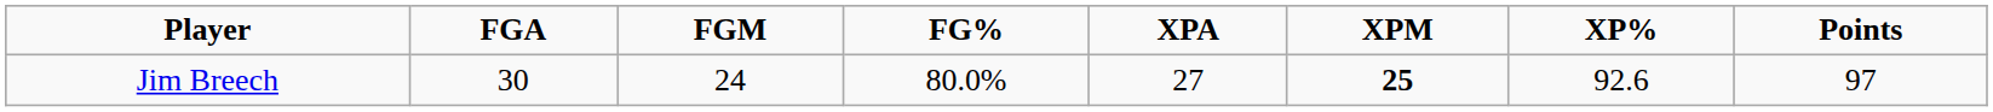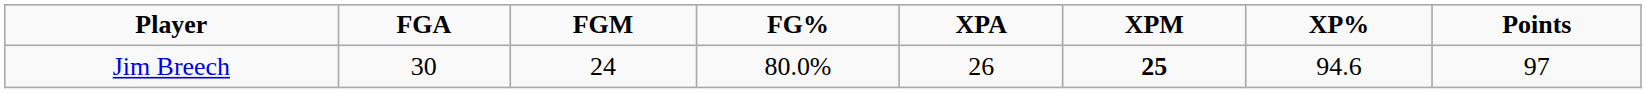 <table class="wikitable" width="80%">
 <tr align="center">
 <td><strong>Player</strong></td>
 <td><strong>FGA</strong></td>
 <td><strong>FGM</strong></td>
 <td><strong>FG%</strong></td>
 <td><strong>XPA</strong></td>
 <td><strong>XPM</strong></td>
 <td><strong>XP%</strong></td>
 <td><strong>Points</strong></td>
 </tr>
 <tr align="center" bgcolor="">
 <td><a href='#'>Jim Breech</a></td>
 <td>30</td>
 <td>24</td>
 <td>80.0%</td>
-<td>27</td>
+<td>26</td>
 <td><strong>25</strong></td>
-<td>92.6</td>
+<td>94.6</td>
 <td>97</td>
 </tr>
 </table>
